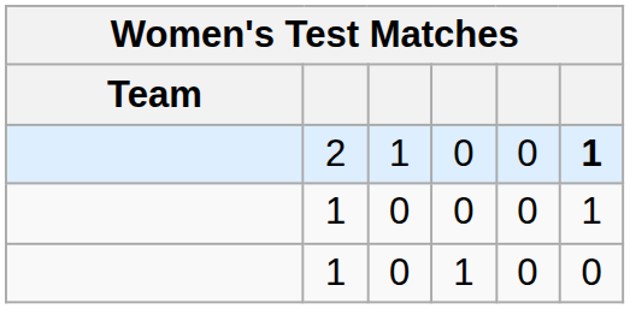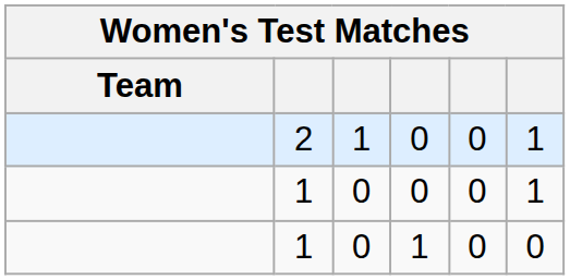 <table class="wikitable" style="text-align:center">
 <tr>
 <th colspan=6>Women's Test Matches</th>
 </tr>
 <tr>
 <th width=120>Team</th>
 <th width=20></th>
 <th width=20></th>
 <th width=20></th>
 <th width=20></th>
 <th width=20></th>
 </tr>
 <tr bgcolor="#ddeeff">
 <td align="left"></td>
 <td>2</td>
 <td>1</td>
 <td>0</td>
 <td>0</td>
-<td><strong>1</strong></td>
+<td>1</td>
 </tr>
 <tr>
 <td align="left"></td>
 <td>1</td>
 <td>0</td>
 <td>0</td>
 <td>0</td>
 <td>1</td>
 </tr>
 <tr>
 <td align="left"></td>
 <td>1</td>
 <td>0</td>
 <td>1</td>
 <td>0</td>
 <td>0</td>
 </tr>
 </table>
